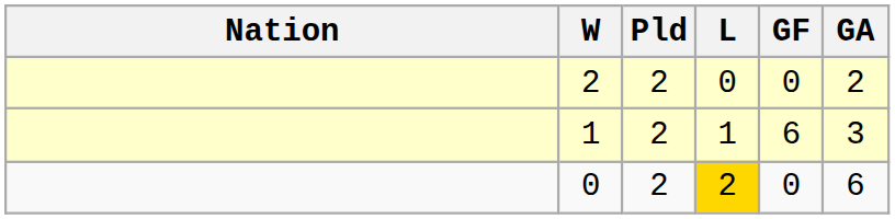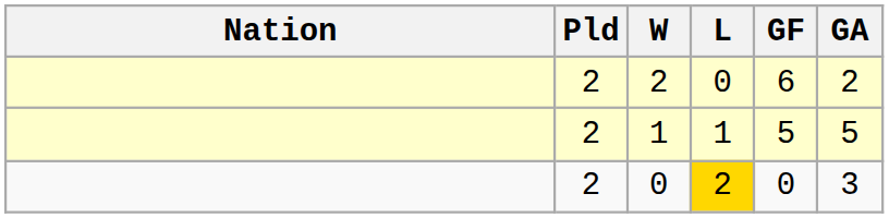 <table class=wikitable style="text-align:center">
 <tr>
 <th width=220]]>Nation</th>
+<th width=20]]>Pld</th>
 <th width=20>W</th>
-<th width=20]]>Pld</th>
 <th width=20]]>L</th>
 <th width=20]]>GF</th>
 <th width=20]]>GA</th>
 </tr>
 <tr bgcolor=#ffffcc>
 <td align=left></td>
 <td>2</td>
 <td>2</td>
 <td>0</td>
-<td>0</td>
+<td>6</td>
 <td>2</td>
 </tr>
 <tr bgcolor=#ffffcc>
 <td align=left></td>
-<td>1</td>
 <td>2</td>
 <td>1</td>
-<td>6</td>
-<td>3</td>
+<td>1</td>
+<td>5</td>
+<td>5</td>
 </tr>
 <tr>
 <td align=left></td>
+<td>2</td>
 <td>0</td>
-<td>2</td>
 <td style="background: gold;">2</td>
 <td>0</td>
-<td>6</td>
+<td>3</td>
 </tr>
 </table>
